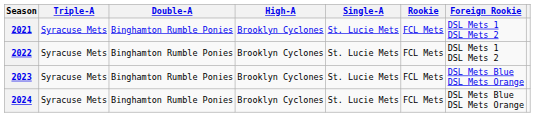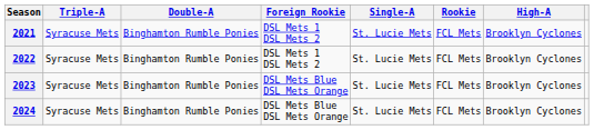 <table class="wikitable plainrowheaders">
 <tr>
 <th scope="col">Season</th>
 <th scope="col"><a href='#'><span>Triple-A</span></a></th>
 <th scope="col"><a href='#'><span>Double-A</span></a></th>
-<th scope="col"><a href='#'><span>High-A</span></a></th>
+<th scope="col"><a href='#'><span>Foreign Rookie</span></a></th>
 <th scope="col"><a href='#'><span>Single-A</span></a></th>
 <th scope="col"><a href='#'><span>Rookie</span></a></th>
-<th scope="col"><a href='#'><span>Foreign Rookie</span></a></th>
+<th scope="col"><a href='#'><span>High-A</span></a></th>
 <th scope="col"></th>
 </tr>
 <tr>
 <th scope="row" style="text-align:center"><a href='#'>2021</a></th>
 <td><a href='#'>Syracuse Mets</a></td>
 <td><a href='#'>Binghamton Rumble Ponies</a></td>
-<td><a href='#'>Brooklyn Cyclones</a></td>
+<td><a href='#'>DSL Mets 1</a><br><a href='#'>DSL Mets 2</a></td>
 <td><a href='#'>St. Lucie Mets</a></td>
 <td><a href='#'>FCL Mets</a></td>
-<td><a href='#'>DSL Mets 1</a><br><a href='#'>DSL Mets 2</a></td>
+<td><a href='#'>Brooklyn Cyclones</a></td>
 <td align="center"></td>
 </tr>
 <tr>
 <th scope="row" style="text-align:center"><a href='#'>2022</a></th>
 <td>Syracuse Mets</td>
 <td>Binghamton Rumble Ponies</td>
-<td>Brooklyn Cyclones</td>
+<td>DSL Mets 1<br>DSL Mets 2</td>
 <td>St. Lucie Mets</td>
 <td>FCL Mets</td>
-<td>DSL Mets 1<br>DSL Mets 2</td>
+<td>Brooklyn Cyclones</td>
 <td align="center"></td>
 </tr>
 <tr>
 <th scope="row" style="text-align:center"><a href='#'>2023</a></th>
 <td>Syracuse Mets</td>
 <td>Binghamton Rumble Ponies</td>
-<td>Brooklyn Cyclones</td>
+<td><a href='#'>DSL Mets Blue</a><br><a href='#'>DSL Mets Orange</a></td>
 <td>St. Lucie Mets</td>
 <td>FCL Mets</td>
-<td><a href='#'>DSL Mets Blue</a><br><a href='#'>DSL Mets Orange</a></td>
+<td>Brooklyn Cyclones</td>
 <td align="center"></td>
 </tr>
 <tr>
 <th scope="row" style="text-align:center"><a href='#'>2024</a></th>
 <td>Syracuse Mets</td>
 <td>Binghamton Rumble Ponies</td>
-<td>Brooklyn Cyclones</td>
+<td>DSL Mets Blue<br>DSL Mets Orange</td>
 <td>St. Lucie Mets</td>
 <td>FCL Mets</td>
-<td>DSL Mets Blue<br>DSL Mets Orange</td>
+<td>Brooklyn Cyclones</td>
 <td align="center"></td>
 </tr>
 </table>
